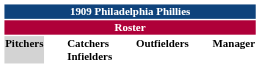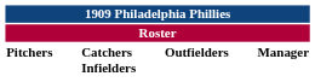 <table class="toccolours" style="font-size: 95%;">
 <tr>
 <th colspan="10" style="background-color: #0f437c; color: white; text-align: center;">1909 Philadelphia Phillies</th>
 </tr>
 <tr>
 <td colspan="10" style="background-color:#af0039; color: white; text-align: center;"><strong>Roster</strong></td>
 </tr>
 <tr>
-<td valign="top" style="background: lightgrey;"><strong>Pitchers</strong><br>          </td>
+<td valign="top"><strong>Pitchers</strong><br>          </td>
 <td width="25px"></td>
 <td valign="top"><strong>Catchers</strong><br>     <strong>Infielders</strong>       </td>
 <td width="25px"></td>
 <td valign="top"><strong>Outfielders</strong><br>     </td>
 <td width="25px"></td>
 <td valign="top"><strong>Manager</strong><br></td>
 </tr>
 </table>
